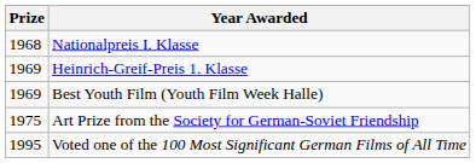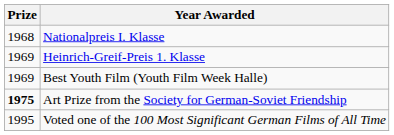 <table class="wikitable">
 <tr>
 <th>Prize</th>
 <th>Year Awarded</th>
 </tr>
 <tr>
 <td>1968</td>
 <td><a href='#'>Nationalpreis I. Klasse</a></td>
 </tr>
 <tr>
 <td>1969</td>
 <td><a href='#'>Heinrich-Greif-Preis 1. Klasse</a></td>
 </tr>
 <tr>
 <td>1969</td>
 <td>Best Youth Film (Youth Film Week Halle)</td>
 </tr>
 <tr>
-<td>1975</td>
+<td><strong>1975</strong></td>
 <td>Art Prize from the <a href='#'>Society for German-Soviet Friendship</a></td>
 </tr>
 <tr>
 <td>1995</td>
 <td>Voted one of the <em>100 Most Significant German Films of All Time</em></td>
 </tr>
 </table>
